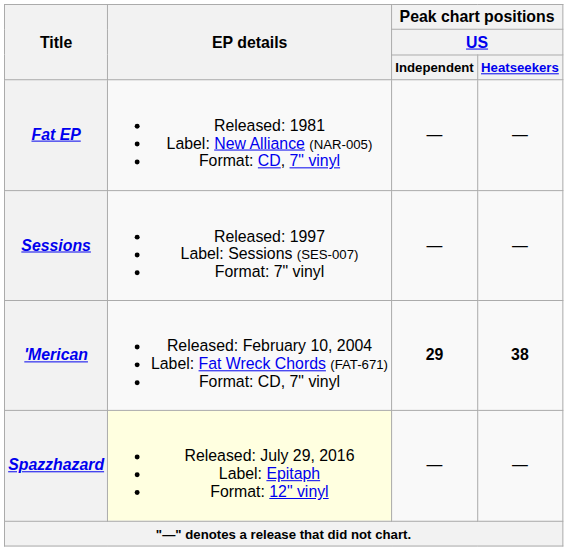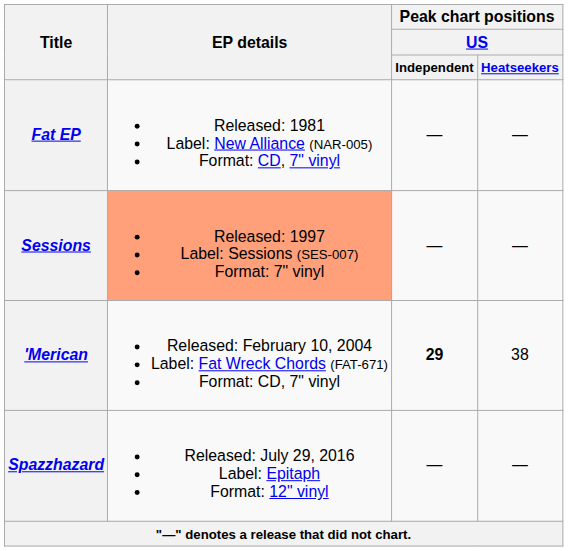 <table class="wikitable plainrowheaders" style="text-align:center;">
 <tr>
 <th scope="col" rowspan="3">Title</th>
 <th scope="col" rowspan="3">EP details</th>
 <th colspan="2">Peak chart positions</th>
 </tr>
 <tr>
 <th colspan="2" align="center"><a href='#'>US</a></th>
 </tr>
 <tr>
 <th><small>Independent</small><br></th>
 <th><small><a href='#'>Heatseekers</a></small><br></th>
 </tr>
 <tr>
 <th scope="row"><strong><em><a href='#'>Fat EP</a></em></strong></th>
 <td><br><ul><li>Released: 1981</li><li>Label: <a href='#'>New Alliance</a> <small>(NAR-005)</small></li><li>Format: <a href='#'>CD</a>, <a href='#'>7" vinyl</a></li></ul></td>
 <td> —</td>
 <td> —</td>
 </tr>
 <tr>
 <th scope="row"><strong><em><a href='#'>Sessions</a></em></strong></th>
-<td><br><ul><li>Released: 1997</li><li>Label: Sessions <small>(SES-007)</small></li><li>Format: 7" vinyl</li></ul></td>
+<td style="background: lightsalmon;"><br><ul><li>Released: 1997</li><li>Label: Sessions <small>(SES-007)</small></li><li>Format: 7" vinyl</li></ul></td>
 <td> —</td>
 <td> —</td>
 </tr>
 <tr>
 <th scope="row"><strong><em><a href='#'>'Merican</a></em></strong></th>
 <td><br><ul><li>Released: February 10, 2004</li><li>Label: <a href='#'>Fat Wreck Chords</a> <small>(FAT-671)</small></li><li>Format: CD, 7" vinyl</li></ul></td>
 <td><strong> 29</strong></td>
-<td><strong> 38</strong></td>
+<td> 38</td>
 </tr>
 <tr>
 <th scope="row"><strong><em><a href='#'>Spazzhazard</a></em></strong></th>
-<td style="background: lightyellow;"><br><ul><li>Released: July 29, 2016</li><li>Label: <a href='#'>Epitaph</a></li><li>Format: <a href='#'>12" vinyl</a></li></ul></td>
+<td><br><ul><li>Released: July 29, 2016</li><li>Label: <a href='#'>Epitaph</a></li><li>Format: <a href='#'>12" vinyl</a></li></ul></td>
 <td> —</td>
 <td> —</td>
 </tr>
 <tr>
 <th colspan="8"><small>"—" denotes a release that did not chart.</small></th>
 </tr>
 </table>
